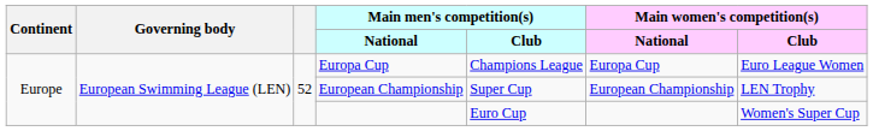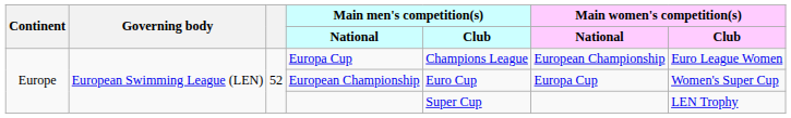 <table class="wikitable" style="text-align: left; font-size: 90%; margin-left: 1em;">
 <tr>
 <th rowspan="2">Continent</th>
 <th rowspan="2">Governing body</th>
 <th rowspan="2"></th>
 <th colspan="2" style="background-color: #ccffff;">Main men's competition(s)</th>
 <th colspan="2" style="background-color: #ffccff;">Main women's competition(s)</th>
 </tr>
 <tr>
 <th style="background-color: #ccffff;">National</th>
 <th style="background-color: #ccffff;">Club</th>
 <th style="background-color: #ffccff;">National</th>
 <th style="background-color: #ffccff;">Club</th>
 </tr>
 <tr>
 <td rowspan="3" style="text-align: center;">Europe</td>
 <td rowspan="3"><a href='#'>European Swimming League</a> (LEN)</td>
 <td rowspan="3" style="text-align: center;">52</td>
 <td><a href='#'>Europa Cup</a></td>
 <td><a href='#'>Champions League</a></td>
-<td><a href='#'>Europa Cup</a></td>
+<td><a href='#'>European Championship</a></td>
 <td><a href='#'>Euro League Women</a></td>
 </tr>
 <tr>
 <td><a href='#'>European Championship</a></td>
-<td><a href='#'>Super Cup</a></td>
-<td><a href='#'>European Championship</a></td>
-<td><a href='#'>LEN Trophy</a></td>
+<td><a href='#'>Euro Cup</a></td>
+<td><a href='#'>Europa Cup</a></td>
+<td><a href='#'>Women's Super Cup</a></td>
 </tr>
 <tr>
 <td></td>
-<td><a href='#'>Euro Cup</a></td>
+<td><a href='#'>Super Cup</a></td>
 <td></td>
-<td><a href='#'>Women's Super Cup</a></td>
+<td><a href='#'>LEN Trophy</a></td>
 </tr>
 </table>
